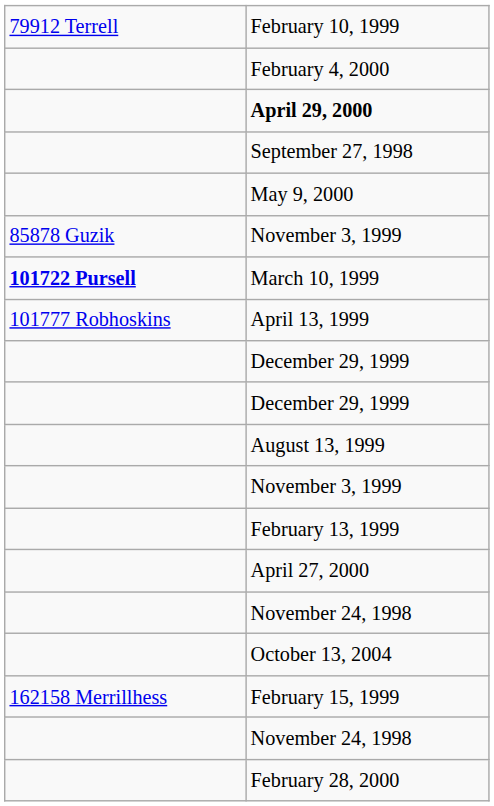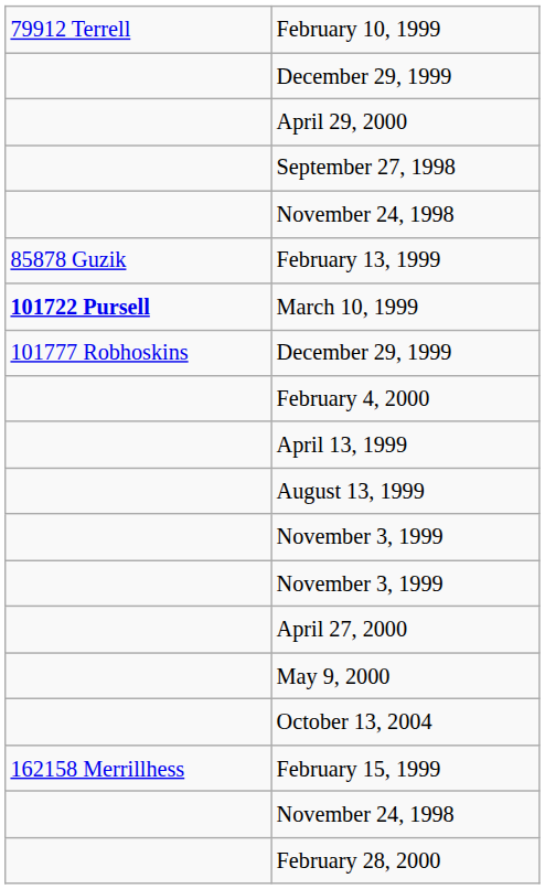 <table class="wikitable" style="font-size: 89%; float: left; width: 24em; margin-right: 1em; line-height: 1.6em !important;">
 <tr>
 <td><a href='#'>79912 Terrell</a></td>
 <td>February 10, 1999</td>
 </tr>
 <tr>
 <td></td>
-<td>February 4, 2000</td>
+<td>December 29, 1999</td>
 </tr>
 <tr>
 <td> </td>
-<td><strong>April 29, 2000</strong></td>
+<td>April 29, 2000</td>
 </tr>
 <tr>
 <td> </td>
 <td>September 27, 1998</td>
 </tr>
 <tr>
 <td></td>
-<td>May 9, 2000</td>
+<td>November 24, 1998</td>
 </tr>
 <tr>
 <td><a href='#'>85878 Guzik</a> </td>
-<td>November 3, 1999</td>
+<td>February 13, 1999</td>
 </tr>
 <tr>
 <td><strong><a href='#'>101722 Pursell</a></strong></td>
 <td>March 10, 1999</td>
 </tr>
 <tr>
 <td><a href='#'>101777 Robhoskins</a> </td>
-<td>April 13, 1999</td>
-</tr>
-<tr>
-<td></td>
 <td>December 29, 1999</td>
 </tr>
 <tr>
 <td></td>
-<td>December 29, 1999</td>
+<td>February 4, 2000</td>
+</tr>
+<tr>
+<td></td>
+<td>April 13, 1999</td>
 </tr>
 <tr>
 <td></td>
 <td>August 13, 1999</td>
 </tr>
 <tr>
 <td></td>
 <td>November 3, 1999</td>
 </tr>
 <tr>
 <td></td>
-<td>February 13, 1999</td>
+<td>November 3, 1999</td>
 </tr>
 <tr>
 <td></td>
 <td>April 27, 2000</td>
 </tr>
 <tr>
 <td></td>
-<td>November 24, 1998</td>
+<td>May 9, 2000</td>
 </tr>
 <tr>
 <td></td>
 <td>October 13, 2004</td>
 </tr>
 <tr>
 <td><a href='#'>162158 Merrillhess</a></td>
 <td>February 15, 1999</td>
 </tr>
 <tr>
 <td></td>
 <td>November 24, 1998</td>
 </tr>
 <tr>
 <td></td>
 <td>February 28, 2000</td>
 </tr>
 </table>
